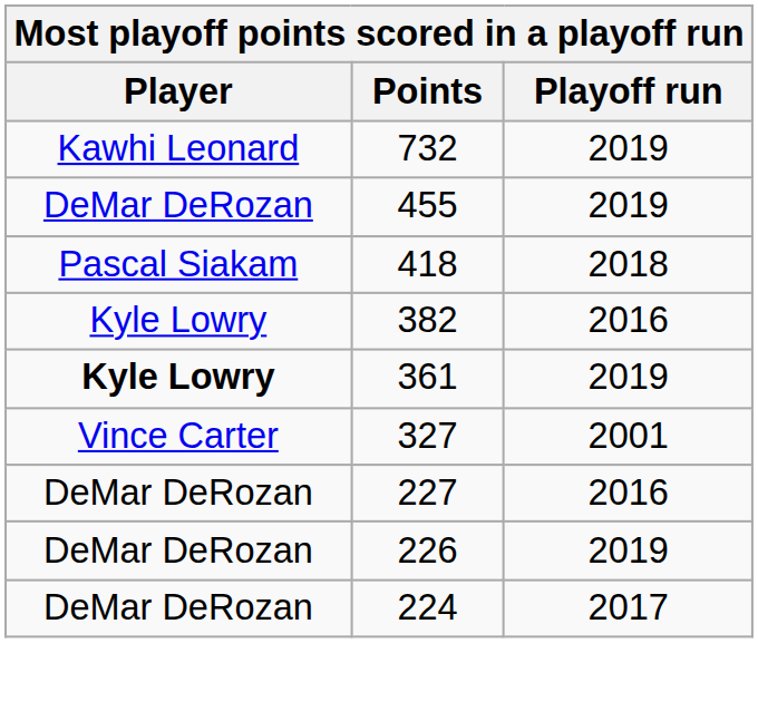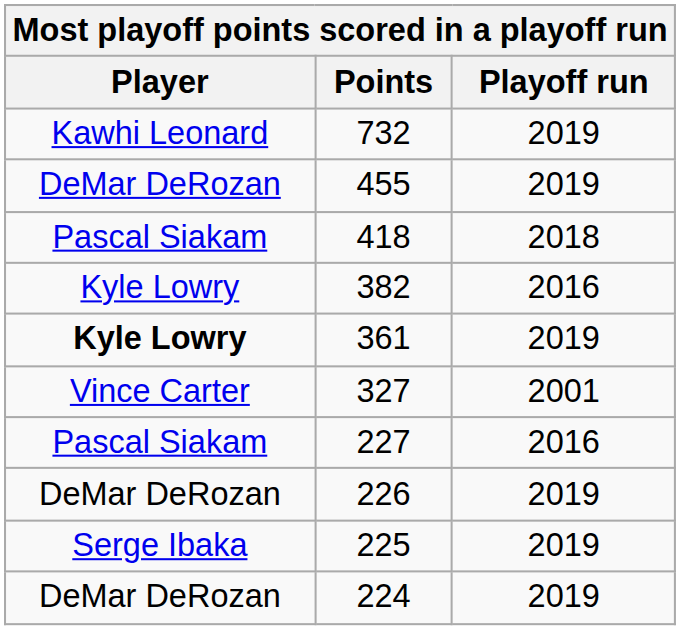 <table class="wikitable sortable" style="text-align:center">
 <tr>
 <th colspan="3">Most playoff points scored in a playoff run</th>
 </tr>
 <tr>
 <th>Player</th>
 <th>Points</th>
 <th>Playoff run</th>
 </tr>
 <tr>
 <td><a href='#'>Kawhi Leonard</a></td>
 <td>732</td>
 <td>2019</td>
 </tr>
 <tr>
 <td><a href='#'>DeMar DeRozan</a></td>
 <td>455</td>
 <td>2019</td>
 </tr>
 <tr>
 <td><a href='#'>Pascal Siakam</a></td>
 <td>418</td>
 <td>2018</td>
 </tr>
 <tr>
 <td><a href='#'>Kyle Lowry</a></td>
 <td>382</td>
 <td>2016</td>
 </tr>
 <tr>
 <td><strong>Kyle Lowry</strong></td>
 <td>361</td>
 <td>2019</td>
 </tr>
 <tr>
 <td><a href='#'>Vince Carter</a></td>
 <td>327</td>
 <td>2001</td>
 </tr>
 <tr>
-<td>DeMar DeRozan</td>
+<td><a href='#'>Pascal Siakam</a></td>
 <td>227</td>
 <td>2016</td>
 </tr>
 <tr>
 <td>DeMar DeRozan</td>
 <td>226</td>
 <td>2019</td>
 </tr>
 <tr>
+<td><a href='#'>Serge Ibaka</a></td>
+<td>225</td>
+<td>2019</td>
+</tr>
+<tr>
 <td>DeMar DeRozan</td>
 <td>224</td>
-<td>2017</td>
+<td>2019</td>
 </tr>
 </table>
